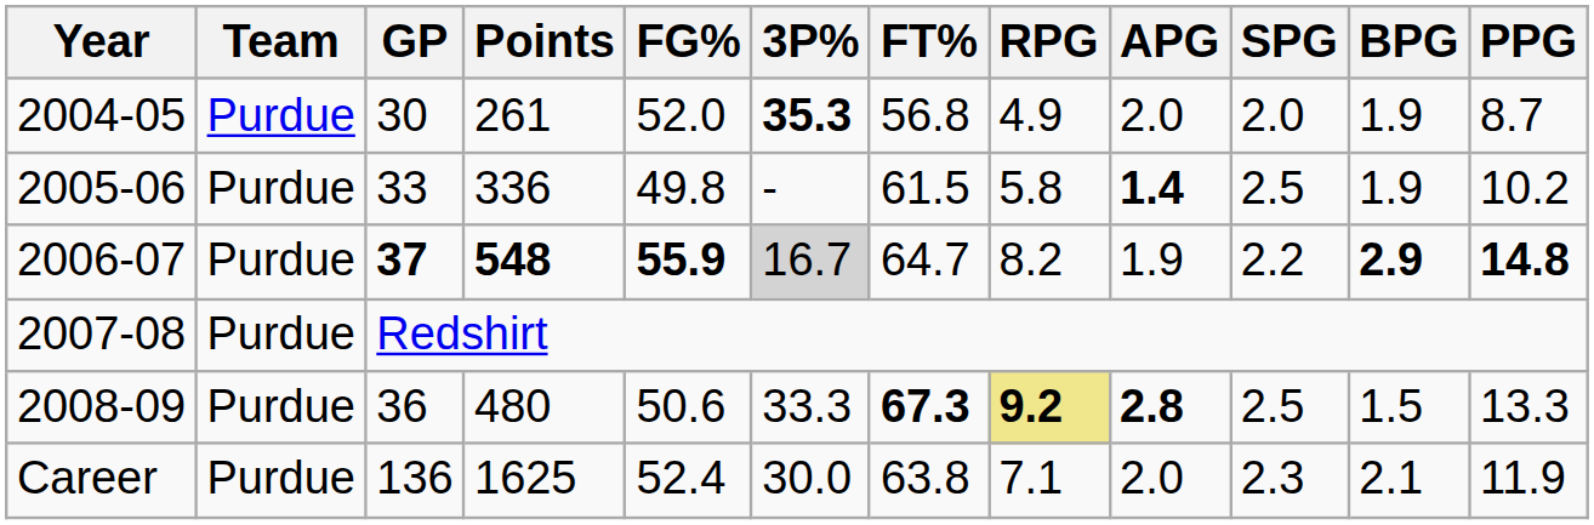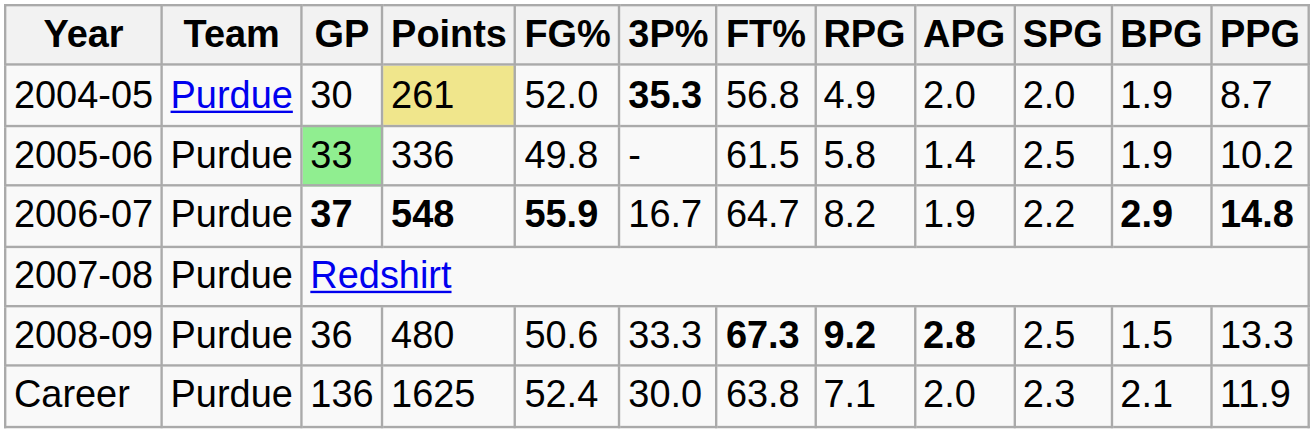 <table class="wikitable">
 <tr>
 <th>Year</th>
 <th>Team</th>
 <th>GP</th>
 <th>Points</th>
 <th>FG%</th>
 <th>3P%</th>
 <th>FT%</th>
 <th>RPG</th>
 <th>APG</th>
 <th>SPG</th>
 <th>BPG</th>
 <th>PPG</th>
 </tr>
 <tr>
 <td>2004-05</td>
 <td><a href='#'>Purdue</a></td>
 <td>30</td>
-<td>261</td>
+<td style="background: khaki;">261</td>
 <td>52.0</td>
 <td><strong>35.3</strong></td>
 <td>56.8</td>
 <td>4.9</td>
 <td>2.0</td>
 <td>2.0</td>
 <td>1.9</td>
 <td>8.7</td>
 </tr>
 <tr>
 <td>2005-06</td>
 <td>Purdue</td>
-<td>33</td>
+<td style="background: lightgreen;">33</td>
 <td>336</td>
 <td>49.8</td>
 <td>-</td>
 <td>61.5</td>
 <td>5.8</td>
-<td><strong>1.4</strong></td>
+<td>1.4</td>
 <td>2.5</td>
 <td>1.9</td>
 <td>10.2</td>
 </tr>
 <tr>
 <td>2006-07</td>
 <td>Purdue</td>
 <td><strong>37</strong></td>
 <td><strong>548</strong></td>
 <td><strong>55.9</strong></td>
-<td style="background: lightgrey;">16.7</td>
+<td>16.7</td>
 <td>64.7</td>
 <td>8.2</td>
 <td>1.9</td>
 <td>2.2</td>
 <td><strong>2.9</strong></td>
 <td><strong>14.8</strong></td>
 </tr>
 <tr>
 <td>2007-08</td>
 <td>Purdue</td>
 <td colspan="10"><a href='#'>Redshirt</a></td>
 </tr>
 <tr>
 <td>2008-09</td>
 <td>Purdue</td>
 <td>36</td>
 <td>480</td>
 <td>50.6</td>
 <td>33.3</td>
 <td><strong>67.3</strong></td>
-<td style="background: khaki;"><strong>9.2</strong></td>
+<td><strong>9.2</strong></td>
 <td><strong>2.8</strong></td>
 <td>2.5</td>
 <td>1.5</td>
 <td>13.3</td>
 </tr>
 <tr>
 <td>Career</td>
 <td>Purdue</td>
 <td>136</td>
 <td>1625</td>
 <td>52.4</td>
 <td>30.0</td>
 <td>63.8</td>
 <td>7.1</td>
 <td>2.0</td>
 <td>2.3</td>
 <td>2.1</td>
 <td>11.9</td>
 </tr>
 </table>
